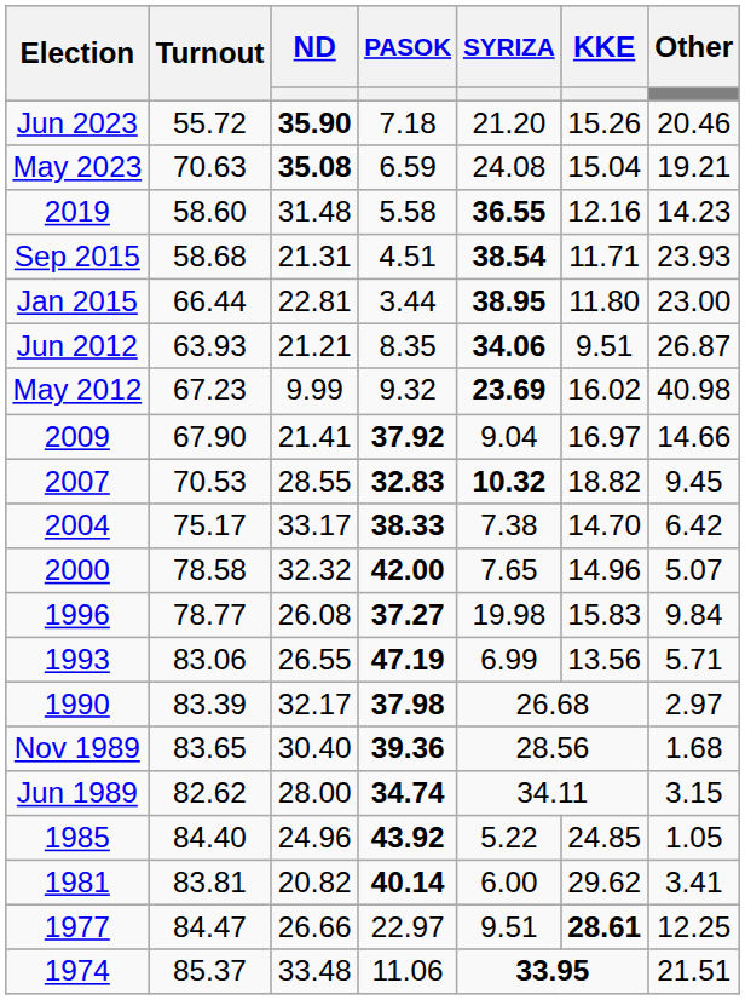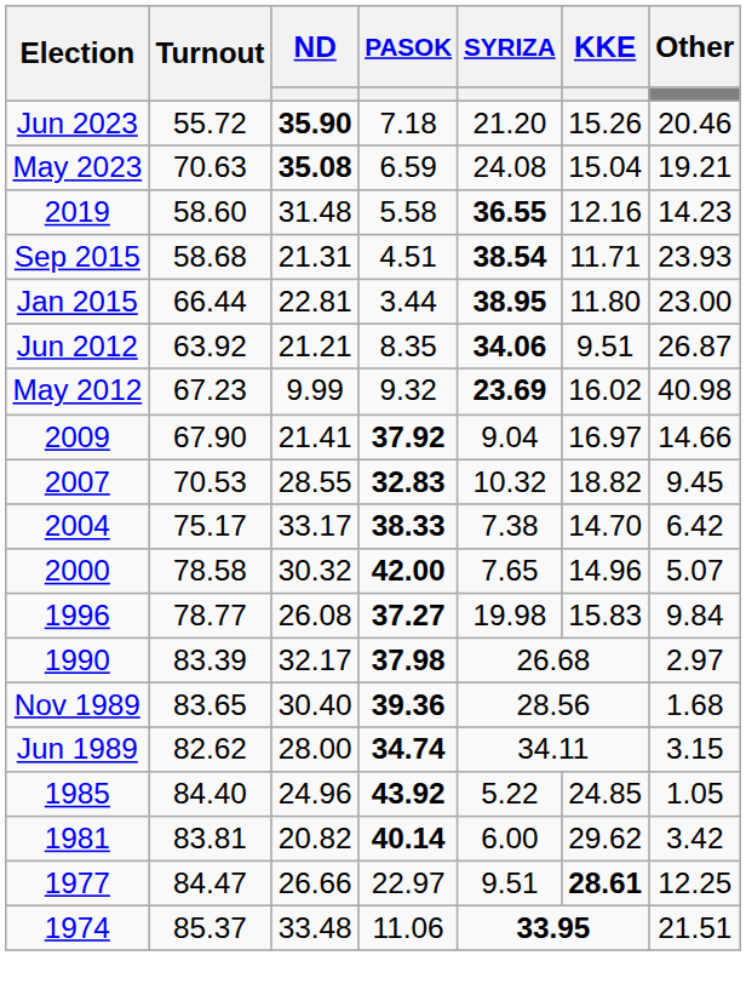 <table class="wikitable collapsible" style="text-align:center; font-size:95%; line-height:16px;">
 <tr style="height:42px;">
 <th rowspan="2">Election</th>
 <th rowspan="2" style="width:50px;">Turnout</th>
 <th style="width:35px;"><a href='#'>ND</a></th>
 <th style="width:35px; font-size:85%;"><a href='#'>PASOK</a></th>
 <th style="width:35px; font-size:85%;"><a href='#'>SYRIZA</a></th>
 <th style="width:35px;"><a href='#'>KKE</a></th>
 <th style="width:35px;">Other</th>
 </tr>
 <tr>
 <th style="color:inherit;background:"></th>
 <th style="color:inherit;background:"></th>
 <th style="color:inherit;background:"></th>
 <th style="color:inherit;background:"></th>
 <th style="color:inherit;background:Grey;"></th>
 </tr>
 <tr>
 <td><a href='#'>Jun 2023</a></td>
 <td>55.72</td>
 <td><strong>35.90</strong></td>
 <td>7.18</td>
 <td>21.20</td>
 <td>15.26</td>
 <td>20.46</td>
 </tr>
 <tr>
 <td><a href='#'>May 2023</a></td>
 <td>70.63</td>
 <td><strong>35.08</strong></td>
 <td>6.59</td>
 <td>24.08</td>
 <td>15.04</td>
 <td>19.21</td>
 </tr>
 <tr>
 <td><a href='#'>2019</a></td>
 <td>58.60</td>
 <td>31.48</td>
 <td>5.58</td>
 <td><strong>36.55</strong></td>
 <td>12.16</td>
 <td>14.23</td>
 </tr>
 <tr>
 <td><a href='#'>Sep 2015</a></td>
 <td>58.68</td>
 <td>21.31</td>
 <td>4.51</td>
 <td><strong>38.54</strong></td>
 <td>11.71</td>
 <td>23.93</td>
 </tr>
 <tr>
 <td><a href='#'>Jan 2015</a></td>
 <td>66.44</td>
 <td>22.81</td>
 <td>3.44</td>
 <td><strong>38.95</strong></td>
 <td>11.80</td>
 <td>23.00</td>
 </tr>
 <tr>
 <td><a href='#'>Jun 2012</a></td>
-<td>63.93</td>
+<td>63.92</td>
 <td>21.21</td>
 <td>8.35</td>
 <td><strong>34.06</strong></td>
 <td>9.51</td>
 <td>26.87</td>
 </tr>
 <tr>
 <td><a href='#'>May 2012</a></td>
 <td>67.23</td>
 <td>9.99</td>
 <td>9.32</td>
 <td><strong>23.69</strong></td>
 <td>16.02</td>
 <td>40.98</td>
 </tr>
 <tr>
 <td><a href='#'>2009</a></td>
 <td>67.90</td>
 <td>21.41</td>
 <td><strong>37.92</strong></td>
 <td>9.04</td>
 <td>16.97</td>
 <td>14.66</td>
 </tr>
 <tr>
 <td><a href='#'>2007</a></td>
 <td>70.53</td>
 <td>28.55</td>
 <td><strong>32.83</strong></td>
-<td><strong>10.32</strong></td>
+<td>10.32</td>
 <td>18.82</td>
 <td>9.45</td>
 </tr>
 <tr>
 <td><a href='#'>2004</a></td>
 <td>75.17</td>
 <td>33.17</td>
 <td><strong>38.33</strong></td>
 <td>7.38</td>
 <td>14.70</td>
 <td>6.42</td>
 </tr>
 <tr>
 <td><a href='#'>2000</a></td>
 <td>78.58</td>
-<td>32.32</td>
+<td>30.32</td>
 <td><strong>42.00</strong></td>
 <td>7.65</td>
 <td>14.96</td>
 <td>5.07</td>
 </tr>
 <tr>
 <td><a href='#'>1996</a></td>
 <td>78.77</td>
 <td>26.08</td>
 <td><strong>37.27</strong></td>
 <td>19.98</td>
 <td>15.83</td>
 <td>9.84</td>
-</tr>
-<tr>
-<td><a href='#'>1993</a></td>
-<td>83.06</td>
-<td>26.55</td>
-<td><strong>47.19</strong></td>
-<td>6.99</td>
-<td>13.56</td>
-<td>5.71</td>
 </tr>
 <tr>
 <td><a href='#'>1990</a></td>
 <td>83.39</td>
 <td>32.17</td>
 <td><strong>37.98</strong></td>
 <td colspan="2">26.68</td>
 <td>2.97</td>
 </tr>
 <tr>
 <td><a href='#'>Nov 1989</a></td>
 <td>83.65</td>
 <td>30.40</td>
 <td><strong>39.36</strong></td>
 <td colspan="2">28.56</td>
 <td>1.68</td>
 </tr>
 <tr>
 <td><a href='#'>Jun 1989</a></td>
 <td>82.62</td>
 <td>28.00</td>
 <td><strong>34.74</strong></td>
 <td colspan="2">34.11</td>
 <td>3.15</td>
 </tr>
 <tr>
 <td><a href='#'>1985</a></td>
 <td>84.40</td>
 <td>24.96</td>
 <td><strong>43.92</strong></td>
 <td>5.22</td>
 <td>24.85</td>
 <td>1.05</td>
 </tr>
 <tr>
 <td><a href='#'>1981</a></td>
 <td>83.81</td>
 <td>20.82</td>
 <td><strong>40.14</strong></td>
 <td>6.00</td>
 <td>29.62</td>
-<td>3.41</td>
+<td>3.42</td>
 </tr>
 <tr>
 <td><a href='#'>1977</a></td>
 <td>84.47</td>
 <td>26.66</td>
 <td>22.97</td>
 <td>9.51</td>
 <td><strong>28.61</strong></td>
 <td>12.25</td>
 </tr>
 <tr>
 <td><a href='#'>1974</a></td>
 <td>85.37</td>
 <td>33.48</td>
 <td>11.06</td>
 <td colspan="2" ><strong>33.95</strong></td>
 <td>21.51</td>
 </tr>
 </table>
